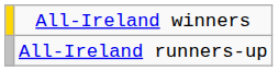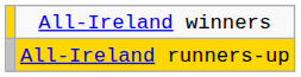 <table class="wikitable" style="text-align:center;">
 <tr>
 <td style="background-color:#FFD700"></td>
 <td><a href='#'>All-Ireland</a> winners</td>
 </tr>
 <tr>
 <td style="background-color:#C0C0C0"></td>
-<td><a href='#'>All-Ireland</a> runners-up</td>
+<td style="background: gold;"><a href='#'>All-Ireland</a> runners-up</td>
 </tr>
 </table>
